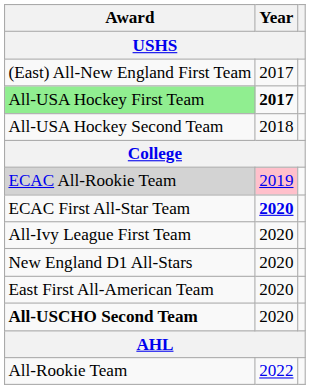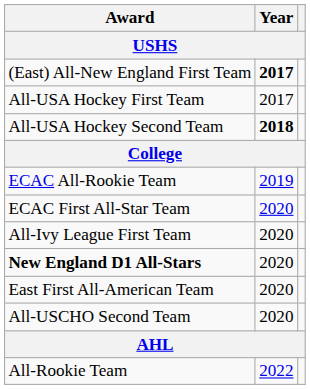 <table class="wikitable">
 <tr>
 <th>Award</th>
 <th>Year</th>
 <th></th>
 </tr>
 <tr>
 <th colspan="3"><a href='#'>USHS</a></th>
 </tr>
 <tr>
 <td>(East) All-New England First Team</td>
+<td><strong>2017</strong></td>
+<td></td>
+</tr>
+<tr>
+<td>All-USA Hockey First Team</td>
 <td>2017</td>
 <td></td>
 </tr>
 <tr>
-<td style="background: lightgreen;">All-USA Hockey First Team</td>
-<td><strong>2017</strong></td>
-<td></td>
-</tr>
-<tr>
 <td>All-USA Hockey Second Team</td>
-<td>2018</td>
+<td><strong>2018</strong></td>
 <td></td>
 </tr>
 <tr>
 <th colspan="3"><a href='#'>College</a></th>
 </tr>
 <tr>
-<td style="background: lightgrey;"><a href='#'>ECAC</a> All-Rookie Team</td>
-<td style="background: pink;"><a href='#'>2019</a></td>
+<td><a href='#'>ECAC</a> All-Rookie Team</td>
+<td><a href='#'>2019</a></td>
 <td></td>
 </tr>
 <tr>
 <td>ECAC First All-Star Team</td>
-<td><strong><a href='#'>2020</a></strong></td>
+<td><a href='#'>2020</a></td>
 <td></td>
 </tr>
 <tr>
 <td>All-Ivy League First Team</td>
 <td>2020</td>
 <td></td>
 </tr>
 <tr>
-<td>New England D1 All-Stars</td>
+<td><strong>New England D1 All-Stars</strong></td>
 <td>2020</td>
 <td></td>
 </tr>
 <tr>
 <td>East First All-American Team</td>
 <td>2020</td>
 <td></td>
 </tr>
 <tr>
-<td><strong>All-USCHO Second Team</strong></td>
+<td>All-USCHO Second Team</td>
 <td>2020</td>
 <td></td>
 </tr>
 <tr ALIGN="center" bgcolor="#e0e0e0">
 <th colspan="3"><a href='#'>AHL</a></th>
 </tr>
 <tr>
 <td>All-Rookie Team</td>
 <td><a href='#'>2022</a></td>
 <td></td>
 </tr>
 </table>
